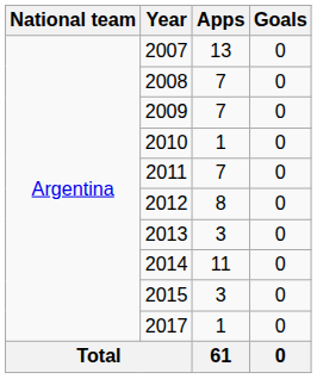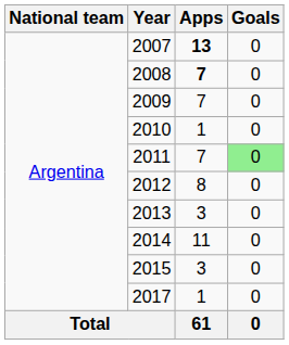 <table class="wikitable" style="text-align:center">
 <tr>
 <th>National team</th>
 <th>Year</th>
 <th>Apps</th>
 <th>Goals</th>
 </tr>
 <tr>
 <td rowspan="10"><a href='#'>Argentina</a></td>
 <td>2007</td>
-<td>13</td>
+<td><strong>13</strong></td>
 <td>0</td>
 </tr>
 <tr>
 <td>2008</td>
-<td>7</td>
+<td><strong>7</strong></td>
 <td>0</td>
 </tr>
 <tr>
 <td>2009</td>
 <td>7</td>
 <td>0</td>
 </tr>
 <tr>
 <td>2010</td>
 <td>1</td>
 <td>0</td>
 </tr>
 <tr>
 <td>2011</td>
 <td>7</td>
-<td>0</td>
+<td style="background: lightgreen;">0</td>
 </tr>
 <tr>
 <td>2012</td>
 <td>8</td>
 <td>0</td>
 </tr>
 <tr>
 <td>2013</td>
 <td>3</td>
 <td>0</td>
 </tr>
 <tr>
 <td>2014</td>
 <td>11</td>
 <td>0</td>
 </tr>
 <tr>
 <td>2015</td>
 <td>3</td>
 <td>0</td>
 </tr>
 <tr>
 <td>2017</td>
 <td>1</td>
 <td>0</td>
 </tr>
 <tr>
 <th colspan="2">Total</th>
 <th>61</th>
 <th>0</th>
 </tr>
 </table>
